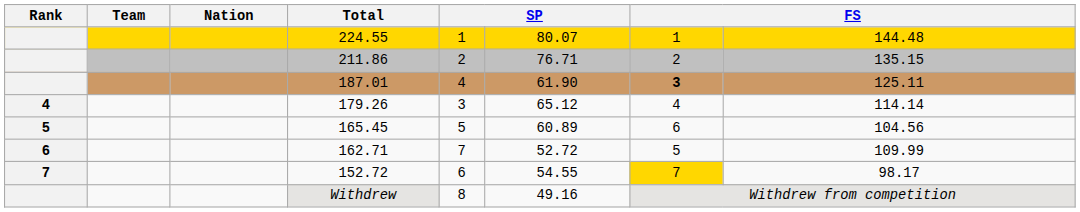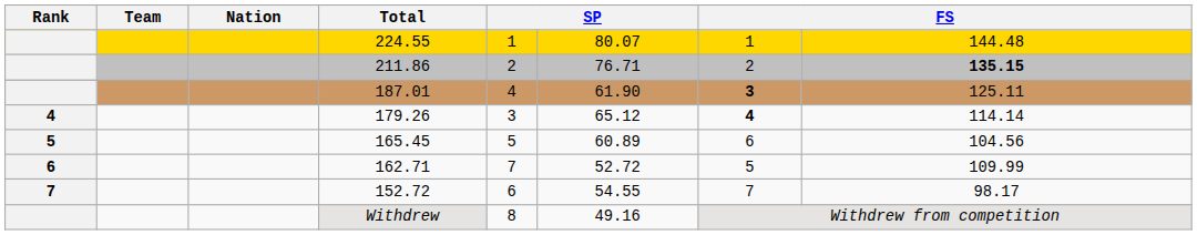 <table class="wikitable sortable" style="text-align:left; width:80%">
 <tr>
 <th scope="col">Rank</th>
 <th scope="col">Team</th>
 <th scope="col">Nation</th>
 <th scope="col">Total</th>
 <th scope="col" colspan="2" width="80px"><a href='#'>SP</a></th>
 <th scope="col" colspan="2" width="80px"><a href='#'>FS</a></th>
 </tr>
 <tr bgcolor="gold">
 <th scope="row"></th>
 <td></td>
 <td></td>
 <td align="center">224.55</td>
 <td align="center">1</td>
 <td align="center">80.07</td>
 <td align="center">1</td>
 <td align="center">144.48</td>
 </tr>
 <tr bgcolor="silver">
 <th scope="row"></th>
 <td></td>
 <td></td>
 <td align="center">211.86</td>
 <td align="center">2</td>
 <td align="center">76.71</td>
 <td align="center">2</td>
-<td align="center">135.15</td>
+<td align="center"><strong>135.15</strong></td>
 </tr>
 <tr bgcolor="cc9966">
 <th scope="row"></th>
 <td></td>
 <td></td>
 <td align="center">187.01</td>
 <td align="center">4</td>
 <td align="center">61.90</td>
 <td align="center"><strong>3</strong></td>
 <td align="center">125.11</td>
 </tr>
 <tr>
 <th scope="row">4</th>
 <td></td>
 <td></td>
 <td align="center">179.26</td>
 <td align="center">3</td>
 <td align="center">65.12</td>
-<td align="center">4</td>
+<td align="center"><strong>4</strong></td>
 <td align="center">114.14</td>
 </tr>
 <tr>
 <th scope="row">5</th>
 <td></td>
 <td></td>
 <td align="center">165.45</td>
 <td align="center">5</td>
 <td align="center">60.89</td>
 <td align="center">6</td>
 <td align="center">104.56</td>
 </tr>
 <tr>
 <th scope="row">6</th>
 <td></td>
 <td></td>
 <td align="center">162.71</td>
 <td align="center">7</td>
 <td align="center">52.72</td>
 <td align="center">5</td>
 <td align="center">109.99</td>
 </tr>
 <tr>
 <th scope="row">7</th>
 <td></td>
 <td></td>
 <td align="center">152.72</td>
 <td align="center">6</td>
 <td align="center">54.55</td>
-<td align="center" style="background: gold;">7</td>
+<td align="center">7</td>
 <td align="center">98.17</td>
 </tr>
 <tr>
 <th scope="row"></th>
 <td></td>
 <td></td>
 <td bgcolor="e5e4e2" align="center"><em>Withdrew</em></td>
 <td align="center">8</td>
 <td align="center">49.16</td>
 <td colspan="2" bgcolor="e5e4e2" align="center"><em>Withdrew from competition</em></td>
 </tr>
 </table>
